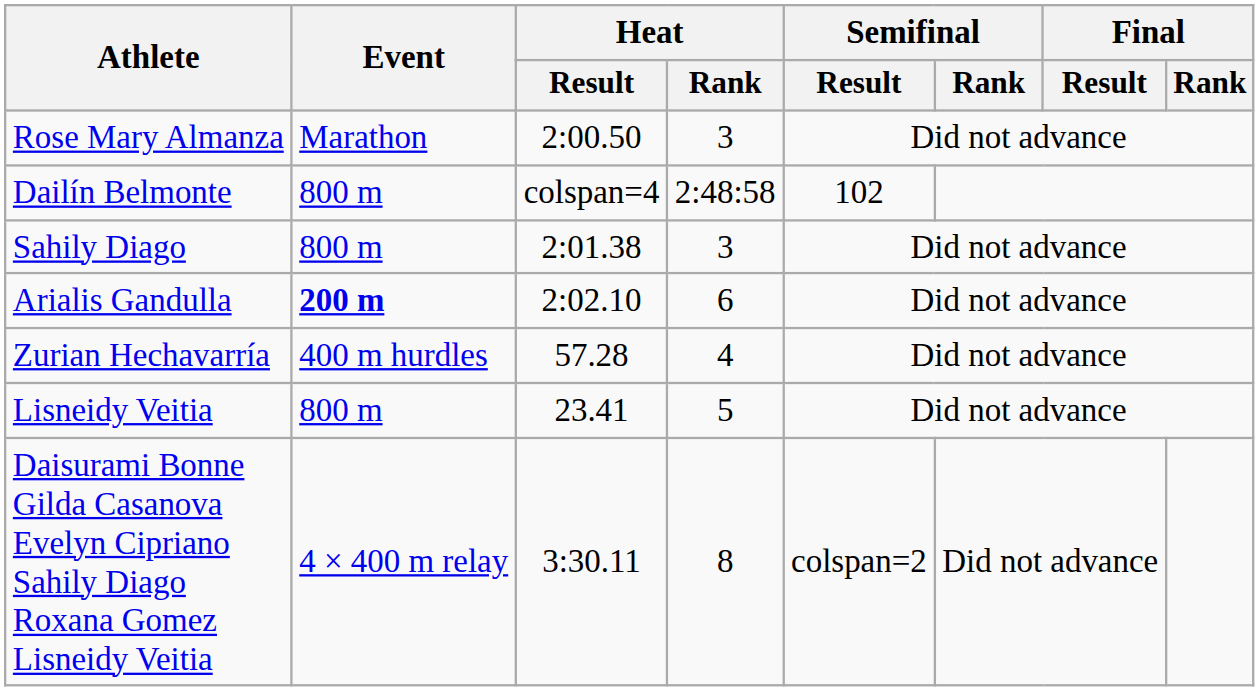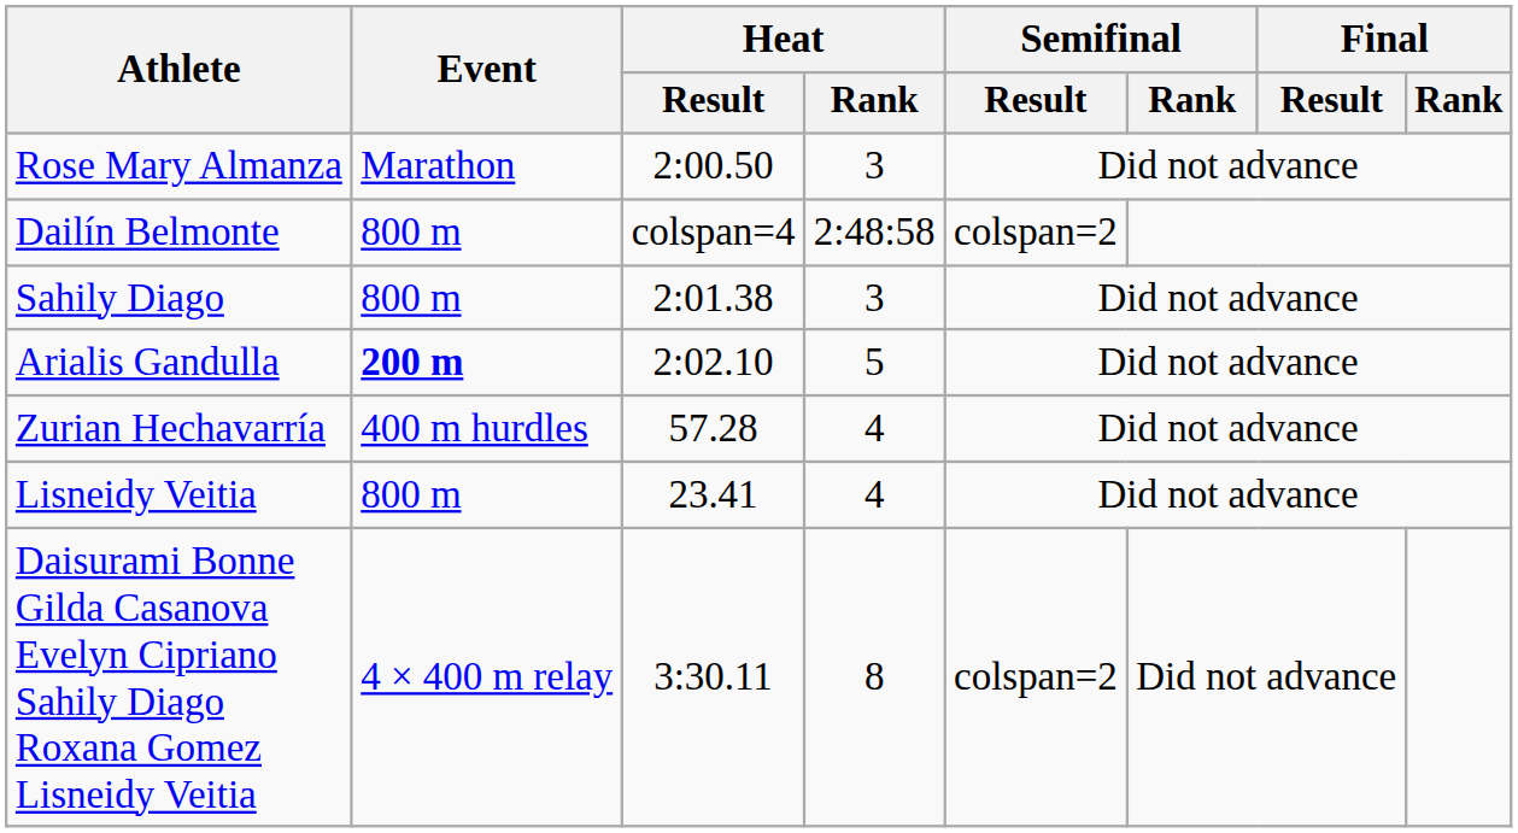 <table class="wikitable" style="font-size:90%">
 <tr>
 <th rowspan="2">Athlete</th>
 <th rowspan="2">Event</th>
 <th colspan="2">Heat</th>
 <th colspan="2">Semifinal</th>
 <th colspan="2">Final</th>
 </tr>
 <tr style="font-size:95%">
 <th>Result</th>
 <th>Rank</th>
 <th>Result</th>
 <th>Rank</th>
 <th>Result</th>
 <th>Rank</th>
 </tr>
 <tr align=center>
 <td align=left><a href='#'>Rose Mary Almanza</a></td>
 <td align=left><a href='#'>Marathon</a></td>
 <td>2:00.50</td>
 <td>3</td>
 <td colspan=4>Did not advance</td>
 </tr>
 <tr align=center>
 <td align=left><a href='#'>Dailín Belmonte</a></td>
 <td align=left><a href='#'>800 m</a></td>
 <td>colspan=4 </td>
 <td>2:48:58</td>
-<td>102</td>
+<td>colspan=2 </td>
 </tr>
 <tr align=center>
 <td align=left><a href='#'>Sahily Diago</a></td>
 <td align=left><a href='#'>800 m</a></td>
 <td>2:01.38</td>
 <td>3</td>
 <td colspan=4>Did not advance</td>
 </tr>
 <tr align=center>
 <td align=left><a href='#'>Arialis Gandulla</a></td>
 <td align=left><strong><a href='#'>200 m</a></strong></td>
 <td>2:02.10</td>
-<td>6</td>
+<td>5</td>
 <td colspan=4>Did not advance</td>
 </tr>
 <tr align=center>
 <td align=left><a href='#'>Zurian Hechavarría</a></td>
 <td align=left><a href='#'>400 m hurdles</a></td>
 <td>57.28</td>
 <td>4</td>
 <td colspan=4>Did not advance</td>
 </tr>
 <tr align=center>
 <td align=left><a href='#'>Lisneidy Veitia</a></td>
 <td align=left><a href='#'>800 m</a></td>
 <td>23.41</td>
-<td>5</td>
+<td>4</td>
 <td colspan=4>Did not advance</td>
 </tr>
 <tr align=center>
 <td align=left><a href='#'>Daisurami Bonne</a><br><a href='#'>Gilda Casanova</a><br><a href='#'>Evelyn Cipriano</a><br><a href='#'>Sahily Diago</a><br><a href='#'>Roxana Gomez</a><br><a href='#'>Lisneidy Veitia</a></td>
 <td align=left><a href='#'>4 × 400 m relay</a></td>
 <td>3:30.11</td>
 <td>8</td>
 <td>colspan=2 </td>
 <td colspan=2>Did not advance</td>
 </tr>
 </table>
